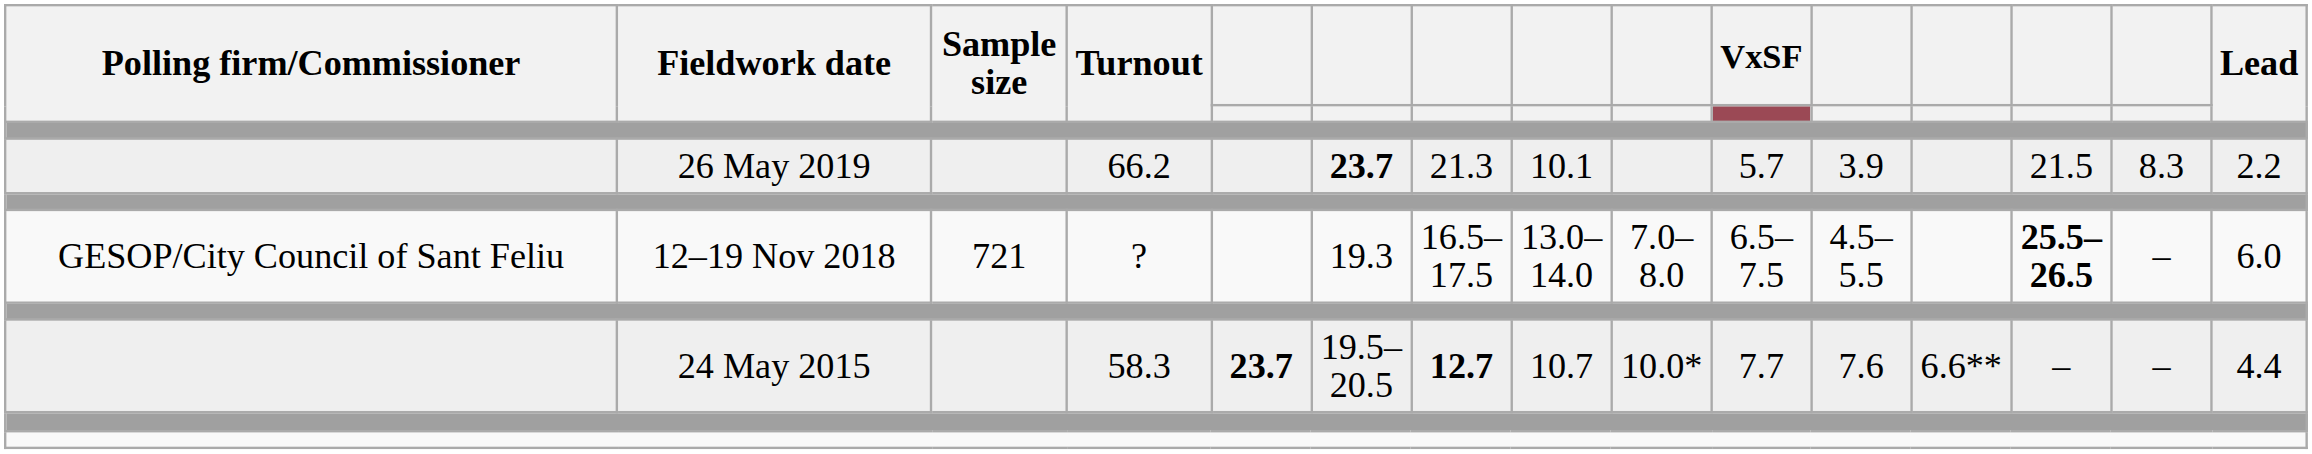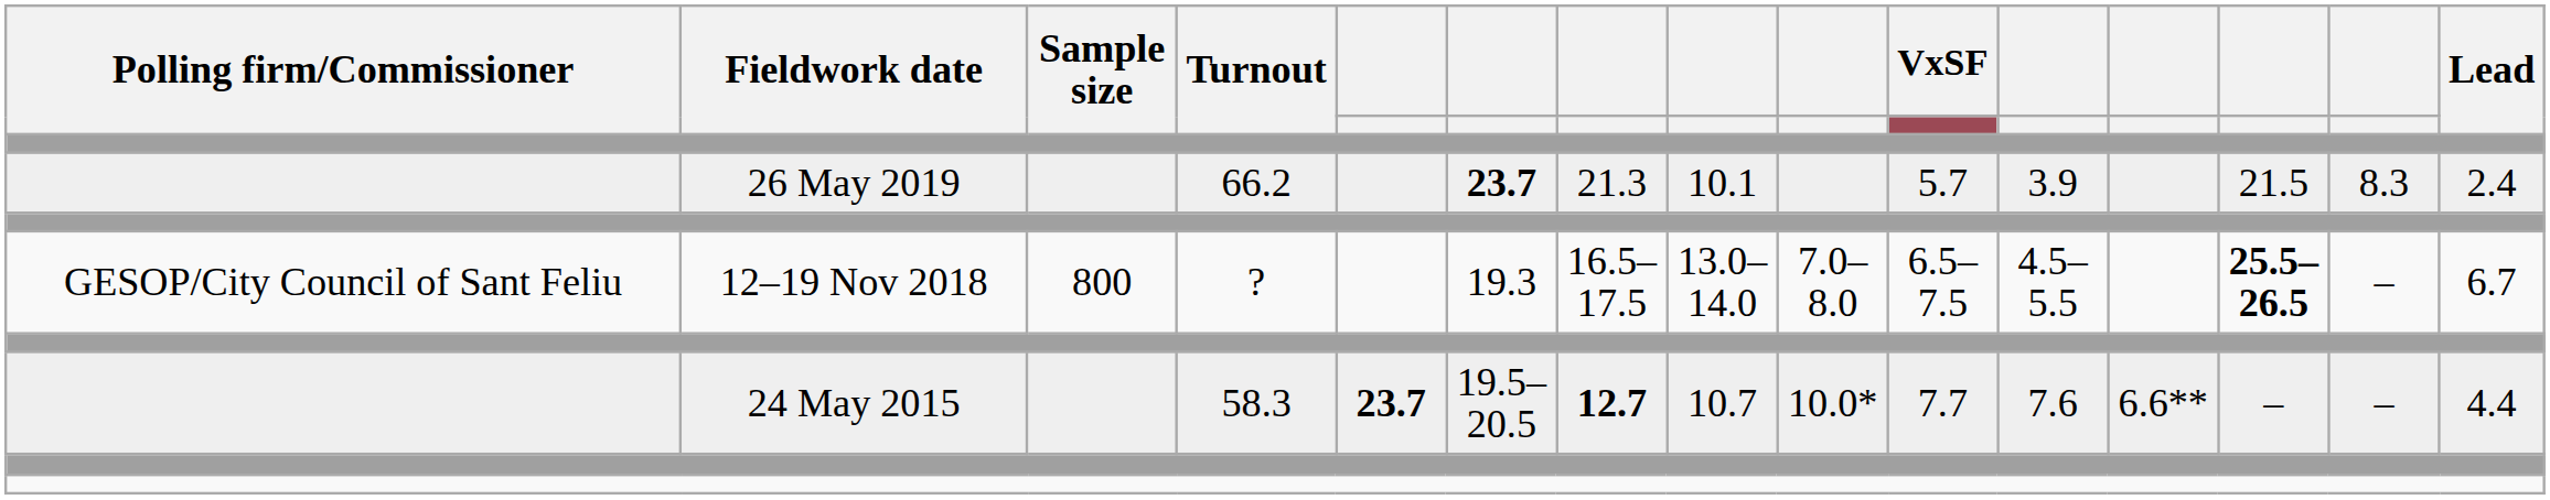 <table class="wikitable collapsible collapsed" style="text-align:center; font-size:95%; line-height:16px;">
 <tr style="height:42px;">
 <th style="width:250px;" rowspan="2">Polling firm/Commissioner</th>
 <th style="width:125px;" rowspan="2">Fieldwork date</th>
 <th style="width:50px;" rowspan="2">Sample size</th>
 <th style="width:45px;" rowspan="2">Turnout</th>
 <th style="width:35px;"></th>
 <th style="width:35px;"></th>
 <th style="width:35px;"></th>
 <th style="width:35px;"></th>
 <th style="width:35px;"></th>
 <th style="width:35px; font-size:95%;">VxSF</th>
 <th style="width:35px;"></th>
 <th style="width:35px;"></th>
 <th style="width:35px;"></th>
 <th style="width:35px;"></th>
 <th style="width:30px;" rowspan="2">Lead</th>
 </tr>
 <tr>
 <th style="color:inherit;background:"></th>
 <th style="color:inherit;background:"></th>
 <th style="color:inherit;background:"></th>
 <th style="color:inherit;background:"></th>
 <th style="color:inherit;background:"></th>
 <th style="color:inherit;background:#9B4955;"></th>
 <th style="color:inherit;background:"></th>
 <th style="color:inherit;background:"></th>
 <th style="color:inherit;background:"></th>
 <th style="color:inherit;background:"></th>
 </tr>
 <tr>
 <td colspan="15" style="background:#A0A0A0"></td>
 </tr>
 <tr style="background:#EFEFEF;">
 <td><strong></strong></td>
 <td>26 May 2019</td>
 <td></td>
 <td>66.2</td>
 <td></td>
 <td><strong>23.7</strong><br></td>
 <td>21.3<br></td>
 <td>10.1<br></td>
 <td></td>
 <td>5.7<br></td>
 <td>3.9<br></td>
 <td></td>
 <td>21.5<br></td>
 <td>8.3<br></td>
-<td style="background:">2.2</td>
+<td style="background:">2.4</td>
 </tr>
 <tr>
 <td colspan="15" style="background:#A0A0A0"></td>
 </tr>
 <tr>
 <td>GESOP/City Council of Sant Feliu</td>
 <td>12–19 Nov 2018</td>
-<td>721</td>
+<td>800</td>
 <td>?</td>
 <td></td>
 <td>19.3<br></td>
 <td>16.5–<br>17.5<br></td>
 <td>13.0–<br>14.0<br></td>
 <td>7.0–<br>8.0<br></td>
 <td>6.5–<br>7.5<br></td>
 <td>4.5–<br>5.5<br></td>
 <td></td>
 <td><strong>25.5–<br>26.5</strong><br></td>
 <td>–</td>
-<td style="background:">6.0</td>
+<td style="background:">6.7</td>
 </tr>
 <tr>
 <td colspan="15" style="background:#A0A0A0"></td>
 </tr>
 <tr style="background:#EFEFEF;">
 <td><strong></strong></td>
 <td>24 May 2015</td>
 <td></td>
 <td>58.3</td>
 <td><strong>23.7</strong><br></td>
 <td>19.5–<br>20.5<br></td>
 <td><strong>12.7<br></strong></td>
 <td>10.7<br></td>
 <td>10.0*<br></td>
 <td>7.7<br></td>
 <td>7.6<br></td>
 <td>6.6**<br></td>
 <td>–</td>
 <td>–</td>
 <td style="background:">4.4</td>
 </tr>
 <tr>
 <td colspan="15" style="background:#A0A0A0"></td>
 </tr>
 <tr>
 <td align="left" colspan="15"></td>
 </tr>
 </table>
